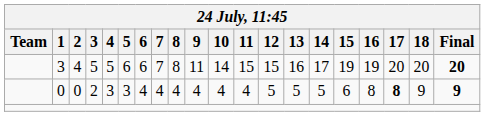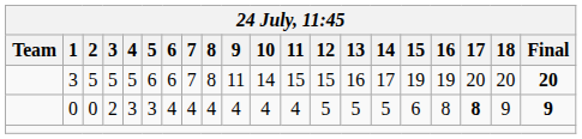 <table class=wikitable style="text-align:center; width: 55%">
 <tr>
 <th colspan=20><em>24 July, 11:45</em></th>
 </tr>
 <tr>
 <th>Team</th>
 <th>1</th>
 <th>2</th>
 <th>3</th>
 <th>4</th>
 <th>5</th>
 <th>6</th>
 <th>7</th>
 <th>8</th>
 <th>9</th>
 <th>10</th>
 <th>11</th>
 <th>12</th>
 <th>13</th>
 <th>14</th>
 <th>15</th>
 <th>16</th>
 <th>17</th>
 <th>18</th>
 <th>Final</th>
 </tr>
 <tr>
 <td align=left><strong></strong></td>
 <td>3</td>
-<td>4</td>
+<td>5</td>
 <td>5</td>
 <td>5</td>
 <td>6</td>
 <td>6</td>
 <td>7</td>
 <td>8</td>
 <td>11</td>
 <td>14</td>
 <td>15</td>
 <td>15</td>
 <td>16</td>
 <td>17</td>
 <td>19</td>
 <td>19</td>
 <td>20</td>
 <td>20</td>
 <td><strong>20</strong></td>
 </tr>
 <tr>
 <td align=left></td>
 <td>0</td>
 <td>0</td>
 <td>2</td>
 <td>3</td>
 <td>3</td>
 <td>4</td>
 <td>4</td>
 <td>4</td>
 <td>4</td>
 <td>4</td>
 <td>4</td>
 <td>5</td>
 <td>5</td>
 <td>5</td>
 <td>6</td>
 <td>8</td>
 <td><strong>8</strong></td>
 <td>9</td>
 <td><strong>9</strong></td>
 </tr>
 <tr>
 <td colspan=20></td>
 </tr>
 </table>
